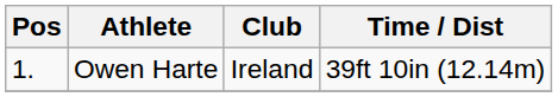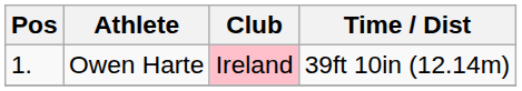 <table class="wikitable">
 <tr>
 <th>Pos</th>
 <th>Athlete</th>
 <th>Club</th>
 <th>Time / Dist</th>
 </tr>
 <tr>
 <td>1.</td>
 <td>Owen Harte</td>
-<td>Ireland</td>
+<td style="background: pink;">Ireland</td>
 <td>39ft 10in (12.14m)</td>
 </tr>
 <tr>
 </tr>
 </table>
